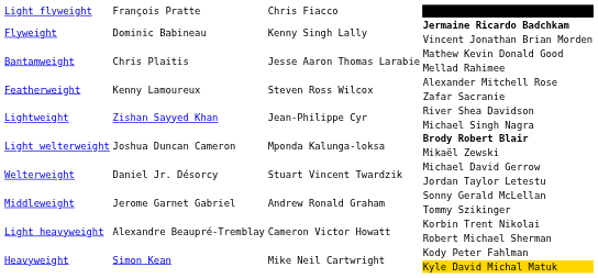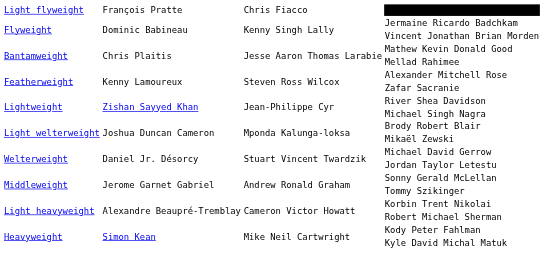 <table>
 <tr>
 <td><a href='#'>Light flyweight</a></td>
 <td> François Pratte</td>
 <td> Chris Fiacco</td>
 <td bgcolor=black></td>
 </tr>
 <tr>
 <td rowspan=2><a href='#'>Flyweight</a></td>
 <td rowspan=2> Dominic Babineau</td>
 <td rowspan=2> Kenny Singh Lally</td>
-<td><strong> Jermaine Ricardo Badchkam</strong></td>
+<td> Jermaine Ricardo Badchkam</td>
 </tr>
 <tr>
 <td> Vincent Jonathan Brian Morden</td>
 </tr>
 <tr>
 <td rowspan=2><a href='#'>Bantamweight</a></td>
 <td rowspan=2> Chris Plaitis</td>
 <td rowspan=2> Jesse Aaron Thomas Larabie</td>
 <td> Mathew Kevin Donald Good</td>
 </tr>
 <tr>
 <td> Mellad Rahimee</td>
 </tr>
 <tr>
 <td rowspan=2><a href='#'>Featherweight</a></td>
 <td rowspan=2> Kenny Lamoureux</td>
 <td rowspan=2> Steven Ross Wilcox</td>
 <td> Alexander Mitchell Rose</td>
 </tr>
 <tr>
 <td> Zafar Sacranie</td>
 </tr>
 <tr>
 <td rowspan=2><a href='#'>Lightweight</a></td>
 <td rowspan=2> <a href='#'>Zishan Sayyed Khan</a></td>
 <td rowspan=2> Jean-Philippe Cyr</td>
 <td> River Shea Davidson</td>
 </tr>
 <tr>
 <td> Michael Singh Nagra</td>
 </tr>
 <tr>
 <td rowspan=2><a href='#'>Light welterweight</a></td>
 <td rowspan=2> Joshua Duncan Cameron</td>
 <td rowspan=2> Mponda Kalunga-loksa</td>
-<td><strong> Brody Robert Blair</strong></td>
+<td> Brody Robert Blair</td>
 </tr>
 <tr>
 <td> Mikaël Zewski</td>
 </tr>
 <tr>
 <td rowspan=2><a href='#'>Welterweight</a></td>
 <td rowspan=2> Daniel Jr. Désorcy</td>
 <td rowspan=2> Stuart Vincent Twardzik</td>
 <td> Michael David Gerrow</td>
 </tr>
 <tr>
 <td> Jordan Taylor Letestu</td>
 </tr>
 <tr>
 <td rowspan=2><a href='#'>Middleweight</a></td>
 <td rowspan=2> Jerome Garnet Gabriel</td>
 <td rowspan=2> Andrew Ronald Graham</td>
 <td> Sonny Gerald McLellan</td>
 </tr>
 <tr>
 <td> Tommy Szikinger</td>
 </tr>
 <tr>
 <td rowspan=2><a href='#'>Light heavyweight</a></td>
 <td rowspan=2> Alexandre Beaupré-Tremblay</td>
 <td rowspan=2> Cameron Victor Howatt</td>
 <td> Korbin Trent Nikolai</td>
 </tr>
 <tr>
 <td> Robert Michael Sherman</td>
 </tr>
 <tr>
 <td rowspan=2><a href='#'>Heavyweight</a></td>
 <td rowspan=2> <a href='#'>Simon Kean</a></td>
 <td rowspan=2> Mike Neil Cartwright</td>
 <td> Kody Peter Fahlman</td>
 </tr>
 <tr>
-<td style="background: gold;"> Kyle David Michal Matuk</td>
+<td> Kyle David Michal Matuk</td>
 </tr>
 </table>
